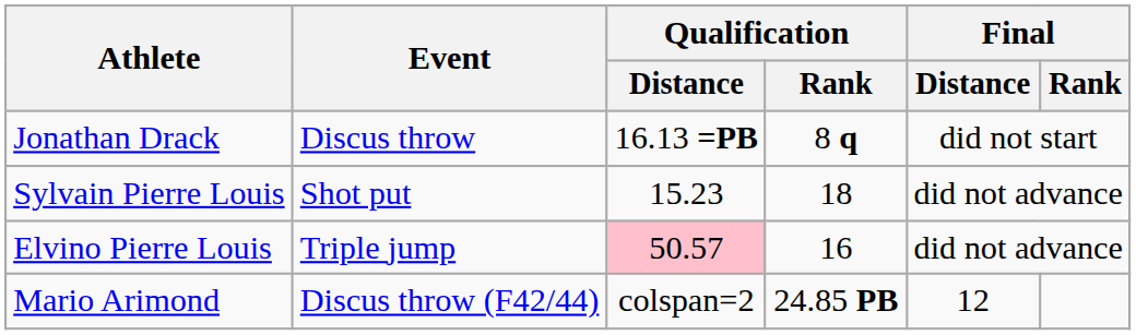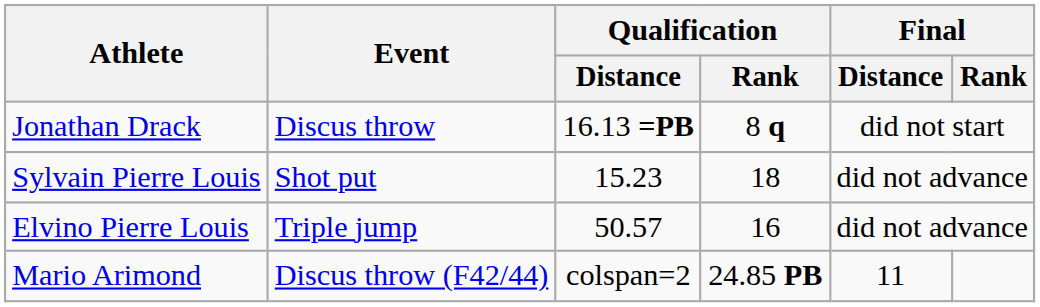 <table class="wikitable" style="font-size:90%">
 <tr>
 <th rowspan=2>Athlete</th>
 <th rowspan=2>Event</th>
 <th colspan=2>Qualification</th>
 <th colspan=2>Final</th>
 </tr>
 <tr style="font-size:95%">
 <th>Distance</th>
 <th>Rank</th>
 <th>Distance</th>
 <th>Rank</th>
 </tr>
 <tr align=center>
 <td align=left><a href='#'>Jonathan Drack</a></td>
 <td style="text-align:left;"><a href='#'>Discus throw</a></td>
 <td>16.13 <strong>=PB</strong></td>
 <td>8 <strong>q</strong></td>
 <td colspan=2>did not start</td>
 </tr>
 <tr align=center>
 <td align=left><a href='#'>Sylvain Pierre Louis</a></td>
 <td align=left><a href='#'>Shot put</a></td>
 <td>15.23</td>
 <td>18</td>
 <td colspan=2>did not advance</td>
 </tr>
 <tr align=center>
 <td align=left><a href='#'>Elvino Pierre Louis</a></td>
 <td style="text-align:left;"><a href='#'>Triple jump</a></td>
-<td style="background: pink;">50.57</td>
+<td>50.57</td>
 <td>16</td>
 <td colspan=2>did not advance</td>
 </tr>
 <tr align=center>
 <td align=left><a href='#'>Mario Arimond</a></td>
 <td align=left><a href='#'>Discus throw (F42/44)</a></td>
 <td>colspan=2 </td>
 <td>24.85 <strong>PB</strong></td>
-<td>12</td>
+<td>11</td>
 </tr>
 </table>
